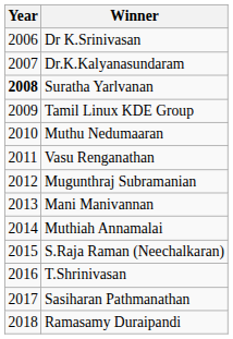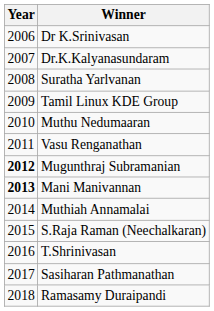 <table class="wikitable">
 <tr>
 <th>Year</th>
 <th>Winner</th>
 </tr>
 <tr>
 <td>2006</td>
 <td>Dr K.Srinivasan</td>
 </tr>
 <tr>
 <td>2007</td>
 <td>Dr.K.Kalyanasundaram</td>
 </tr>
 <tr>
-<td><strong>2008</strong></td>
+<td>2008</td>
 <td>Suratha Yarlvanan</td>
 </tr>
 <tr>
 <td>2009</td>
 <td>Tamil Linux KDE Group</td>
 </tr>
 <tr>
 <td>2010</td>
 <td>Muthu Nedumaaran</td>
 </tr>
 <tr>
 <td>2011</td>
 <td>Vasu Renganathan</td>
 </tr>
 <tr>
-<td>2012</td>
+<td><strong>2012</strong></td>
 <td>Mugunthraj Subramanian</td>
 </tr>
 <tr>
-<td>2013</td>
+<td><strong>2013</strong></td>
 <td>Mani Manivannan</td>
 </tr>
 <tr>
 <td>2014</td>
 <td>Muthiah Annamalai</td>
 </tr>
 <tr>
 <td>2015</td>
 <td>S.Raja Raman (Neechalkaran)</td>
 </tr>
 <tr>
 <td>2016</td>
 <td>T.Shrinivasan</td>
 </tr>
 <tr>
 <td>2017</td>
 <td>Sasiharan Pathmanathan</td>
 </tr>
 <tr>
 <td>2018</td>
 <td>Ramasamy Duraipandi</td>
 </tr>
 </table>
